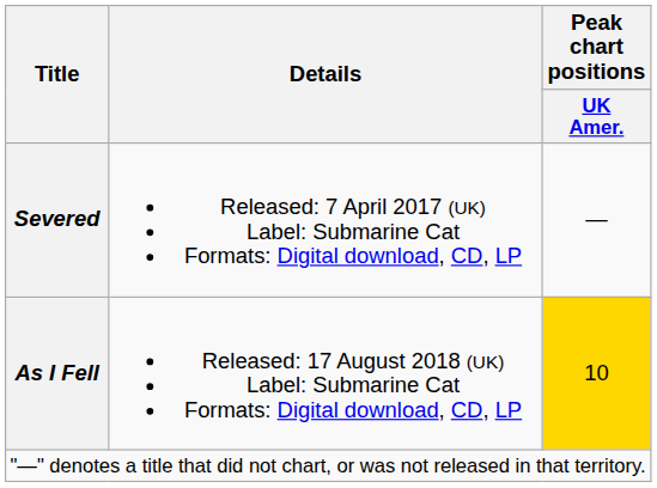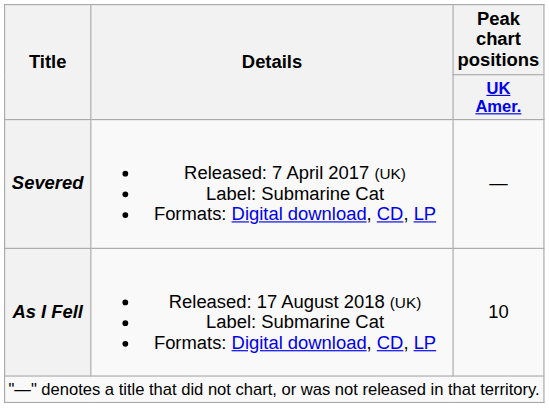 <table class="wikitable plainrowheaders" style="text-align:center">
 <tr>
 <th scope="col" rowspan="2">Title</th>
 <th scope="col" rowspan="2">Details</th>
 <th scope="col" colspan="1">Peak chart positions</th>
 </tr>
 <tr>
 <th scope="col" style="width:2.5em;font-size:90%;"><a href='#'>UK<br>Amer.</a><br></th>
 </tr>
 <tr>
 <th scope="row"><em>Severed</em></th>
 <td><br><ul><li>Released: 7 April 2017 <small>(UK)</small></li><li>Label: Submarine Cat</li><li>Formats: <a href='#'>Digital download</a>, <a href='#'>CD</a>, <a href='#'>LP</a></li></ul></td>
 <td>—</td>
 </tr>
 <tr>
 <th scope="row"><em>As I Fell</em></th>
 <td><br><ul><li>Released: 17 August 2018 <small>(UK)</small></li><li>Label: Submarine Cat</li><li>Formats: <a href='#'>Digital download</a>, <a href='#'>CD</a>, <a href='#'>LP</a></li></ul></td>
-<td style="background: gold;">10</td>
+<td>10</td>
 </tr>
 <tr>
 <td colspan="14" style="font-size:90%">"—" denotes a title that did not chart, or was not released in that territory.</td>
 </tr>
 </table>
